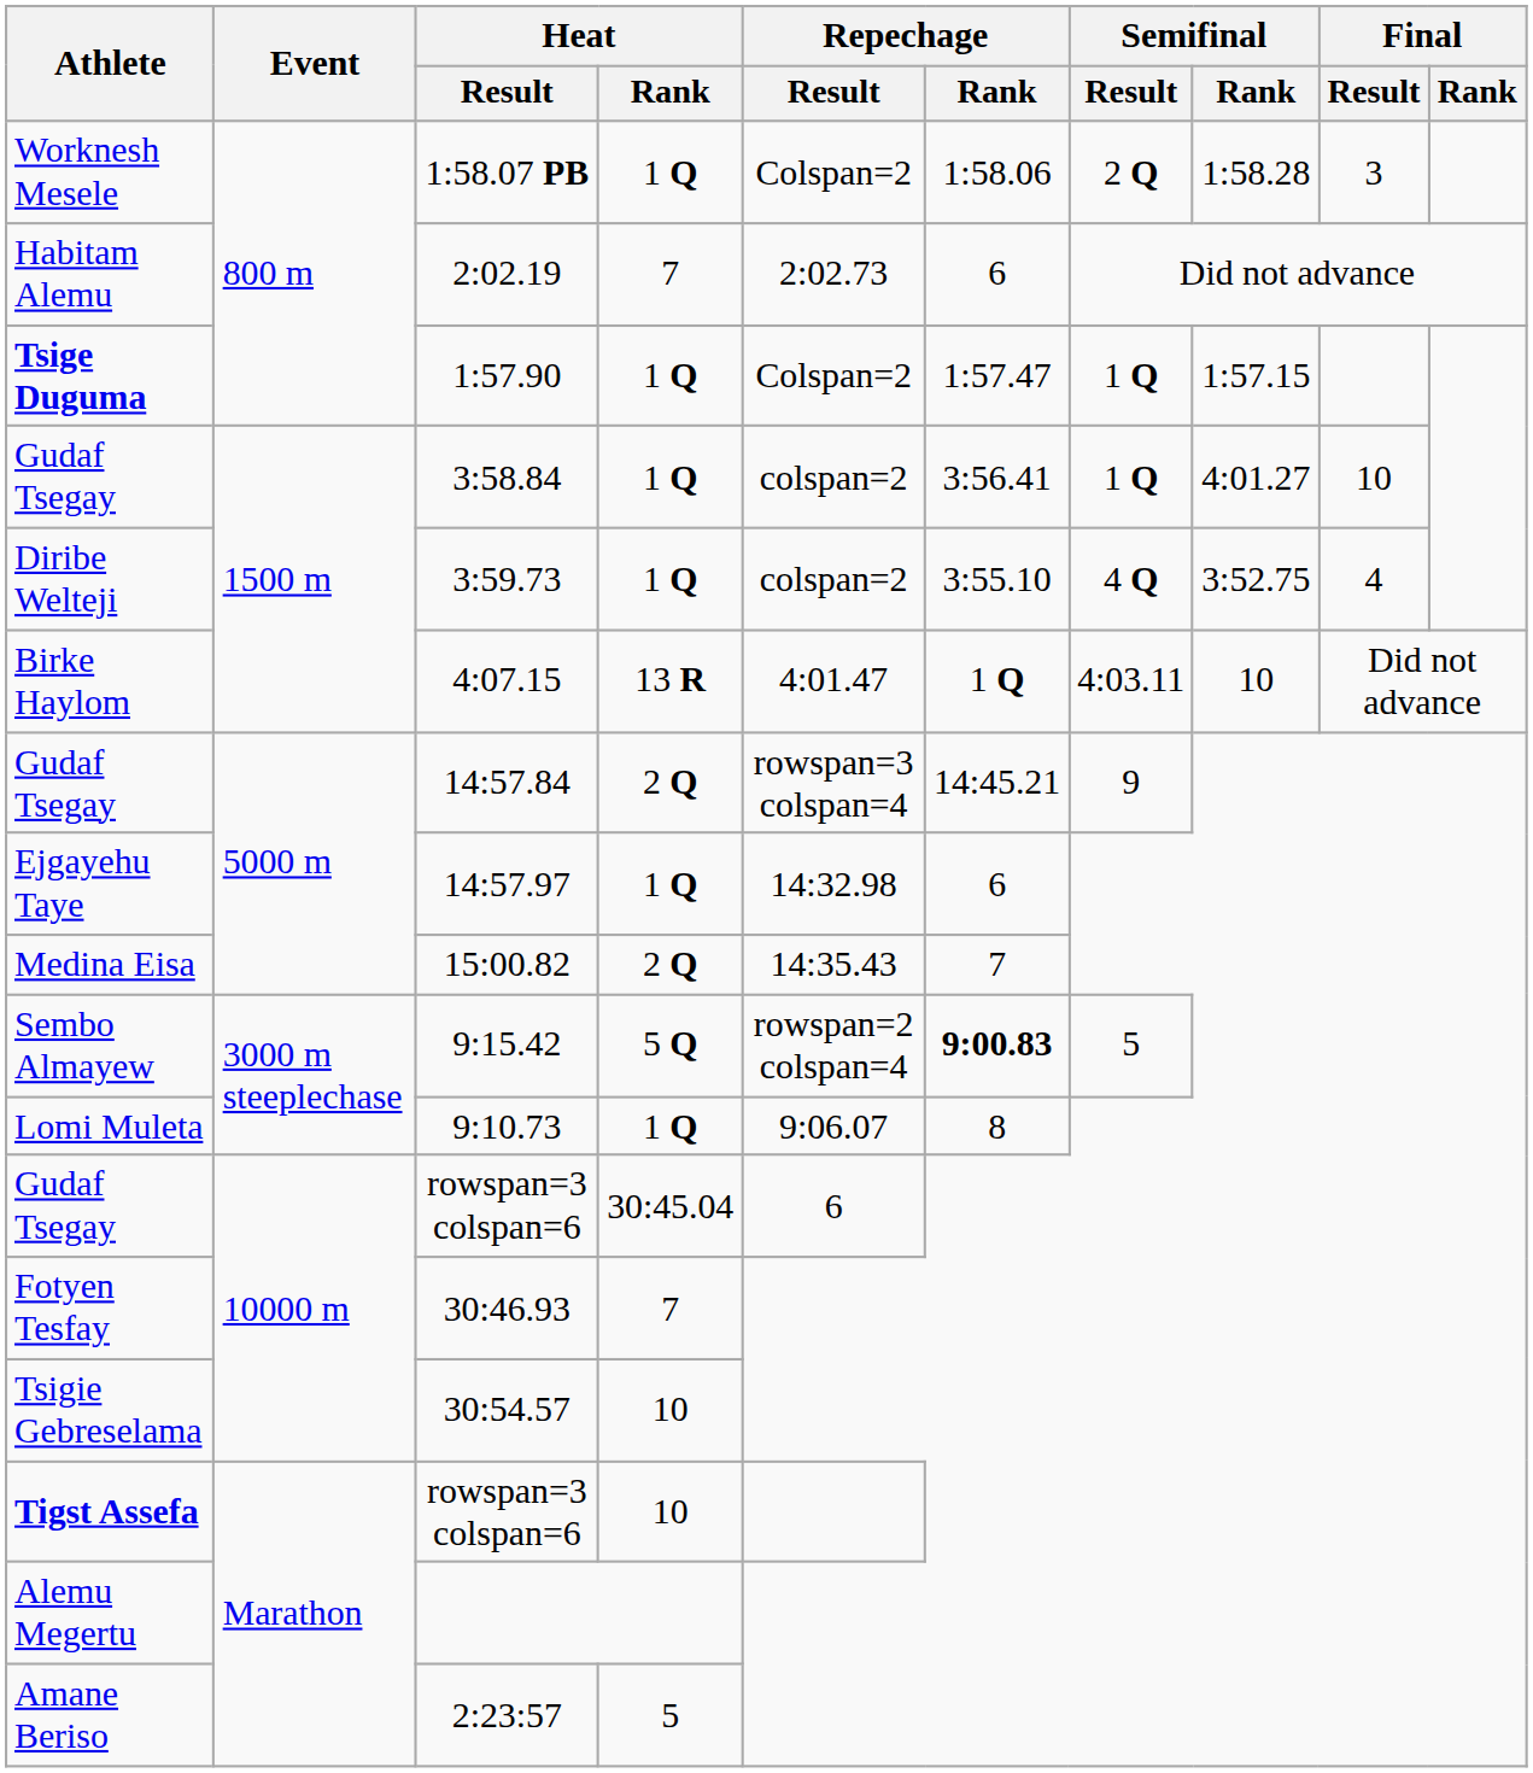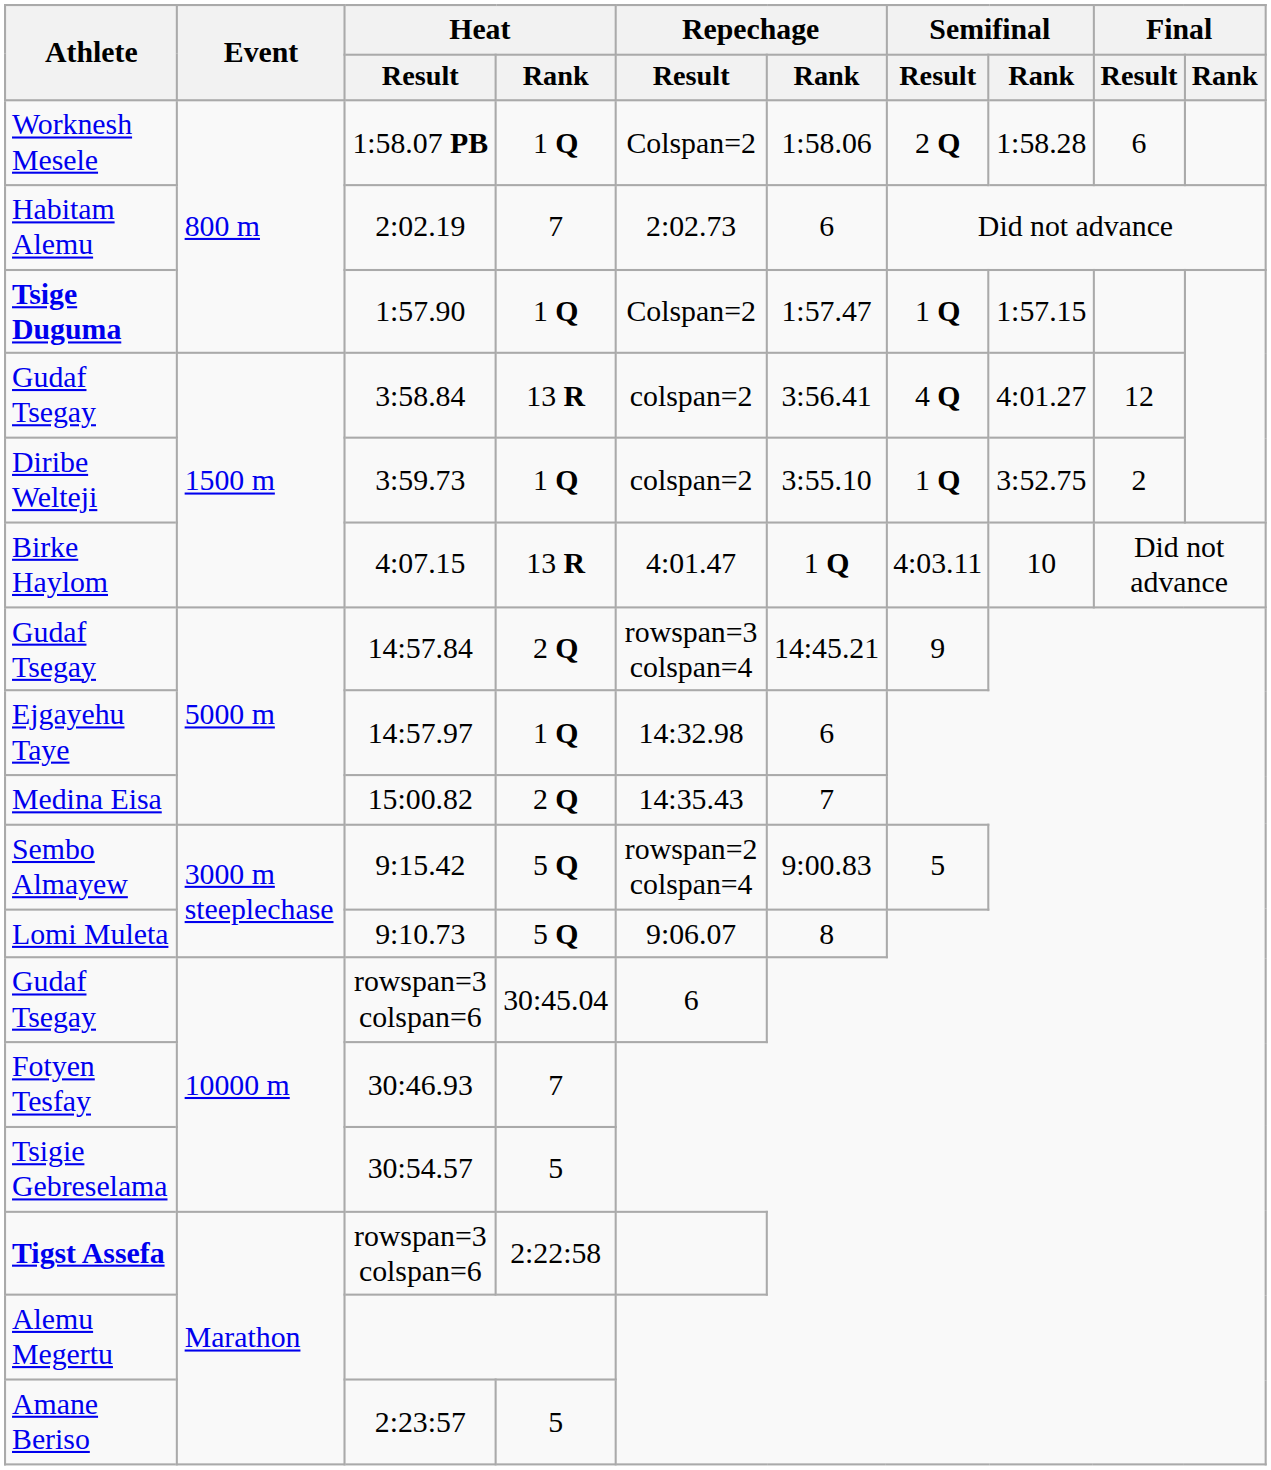 <table class="wikitable" style="font-size:90%">
 <tr>
 <th rowspan="2">Athlete</th>
 <th rowspan="2">Event</th>
 <th colspan="2">Heat</th>
 <th colspan="2">Repechage</th>
 <th colspan="2">Semifinal</th>
 <th colspan="2">Final</th>
 </tr>
 <tr style="font-size:95%">
 <th>Result</th>
 <th>Rank</th>
 <th>Result</th>
 <th>Rank</th>
 <th>Result</th>
 <th>Rank</th>
 <th>Result</th>
 <th>Rank</th>
 </tr>
 <tr align=center>
 <td align=left><a href='#'>Worknesh Mesele</a></td>
 <td align=left rowspan=3><a href='#'>800 m</a></td>
 <td>1:58.07 <strong>PB</strong></td>
 <td>1 <strong>Q</strong></td>
 <td>Colspan=2</td>
 <td>1:58.06</td>
 <td>2 <strong>Q</strong></td>
 <td>1:58.28</td>
-<td>3</td>
+<td>6</td>
 </tr>
 <tr align=center>
 <td align=left><a href='#'>Habitam Alemu</a></td>
 <td>2:02.19</td>
 <td>7</td>
 <td>2:02.73</td>
 <td>6</td>
 <td colspan="4">Did not advance</td>
 </tr>
 <tr align=center>
 <td align=left><strong><a href='#'>Tsige Duguma</a></strong></td>
 <td>1:57.90</td>
 <td>1 <strong>Q</strong></td>
 <td>Colspan=2</td>
 <td>1:57.47</td>
 <td>1 <strong>Q</strong></td>
 <td>1:57.15</td>
 <td></td>
 </tr>
 <tr align=center>
 <td align=left><a href='#'>Gudaf Tsegay</a></td>
 <td align=left rowspan=3><a href='#'>1500 m</a></td>
 <td>3:58.84</td>
-<td>1 <strong>Q</strong></td>
+<td>13 <strong>R</strong></td>
 <td>colspan=2 </td>
 <td>3:56.41</td>
-<td>1 <strong>Q</strong></td>
+<td>4 <strong>Q</strong></td>
 <td>4:01.27</td>
-<td>10</td>
+<td>12</td>
 </tr>
 <tr align=center>
 <td align=left><a href='#'>Diribe Welteji</a></td>
 <td>3:59.73</td>
 <td>1 <strong>Q</strong></td>
 <td>colspan=2 </td>
 <td>3:55.10</td>
-<td>4 <strong>Q</strong></td>
+<td>1 <strong>Q</strong></td>
 <td>3:52.75 <strong></strong></td>
-<td>4</td>
+<td>2</td>
 </tr>
 <tr align=center>
 <td align=left><a href='#'>Birke Haylom</a></td>
 <td>4:07.15</td>
 <td>13 <strong>R</strong></td>
 <td>4:01.47</td>
 <td>1 <strong>Q</strong></td>
 <td>4:03.11</td>
 <td>10</td>
 <td colspan=2>Did not advance</td>
 </tr>
 <tr align=center>
 <td align=left><a href='#'>Gudaf Tsegay</a></td>
 <td align=left rowspan=3><a href='#'>5000 m</a></td>
 <td>14:57.84</td>
 <td>2 <strong>Q</strong></td>
 <td>rowspan=3 colspan=4 </td>
 <td>14:45.21</td>
 <td>9</td>
 </tr>
 <tr align=center>
 <td align=left><a href='#'>Ejgayehu Taye</a></td>
 <td>14:57.97</td>
 <td>1 <strong>Q</strong></td>
 <td>14:32.98</td>
 <td>6</td>
 </tr>
 <tr align=center>
 <td align=left><a href='#'>Medina Eisa</a></td>
 <td>15:00.82</td>
 <td>2 <strong>Q</strong></td>
 <td>14:35.43</td>
 <td>7</td>
 </tr>
 <tr align=center>
 <td align=left><a href='#'>Sembo Almayew</a></td>
 <td align=left rowspan=2><a href='#'>3000 m steeplechase</a></td>
 <td>9:15.42</td>
 <td>5 <strong>Q</strong></td>
 <td>rowspan=2 colspan=4 </td>
-<td><strong>9:00.83</strong></td>
+<td>9:00.83</td>
 <td>5</td>
 </tr>
 <tr align=center>
 <td align=left><a href='#'>Lomi Muleta</a></td>
 <td>9:10.73 <strong></strong></td>
-<td>1 <strong>Q</strong></td>
+<td>5 <strong>Q</strong></td>
 <td>9:06.07</td>
 <td>8</td>
 </tr>
 <tr align=center>
 <td align=left><a href='#'>Gudaf Tsegay</a></td>
 <td align=left rowspan=3><a href='#'>10000 m</a></td>
 <td>rowspan=3 colspan=6 </td>
 <td>30:45.04</td>
 <td>6</td>
 </tr>
 <tr align=center>
 <td align=left><a href='#'>Fotyen Tesfay</a></td>
 <td>30:46.93</td>
 <td>7</td>
 </tr>
 <tr align=center>
 <td align=left><a href='#'>Tsigie Gebreselama</a></td>
 <td>30:54.57</td>
-<td>10</td>
+<td>5</td>
 </tr>
 <tr align=center>
 <td align=left><strong><a href='#'>Tigst Assefa</a></strong></td>
 <td align=left rowspan=3><a href='#'>Marathon</a></td>
 <td>rowspan=3 colspan=6 </td>
-<td>10</td>
+<td>2:22:58</td>
 <td></td>
 </tr>
 <tr align=center>
 <td align=left><a href='#'>Alemu Megertu</a></td>
 <td colspan=2></td>
 </tr>
 <tr align=center>
 <td align=left><a href='#'>Amane Beriso</a></td>
 <td>2:23:57</td>
 <td>5</td>
 </tr>
 </table>
